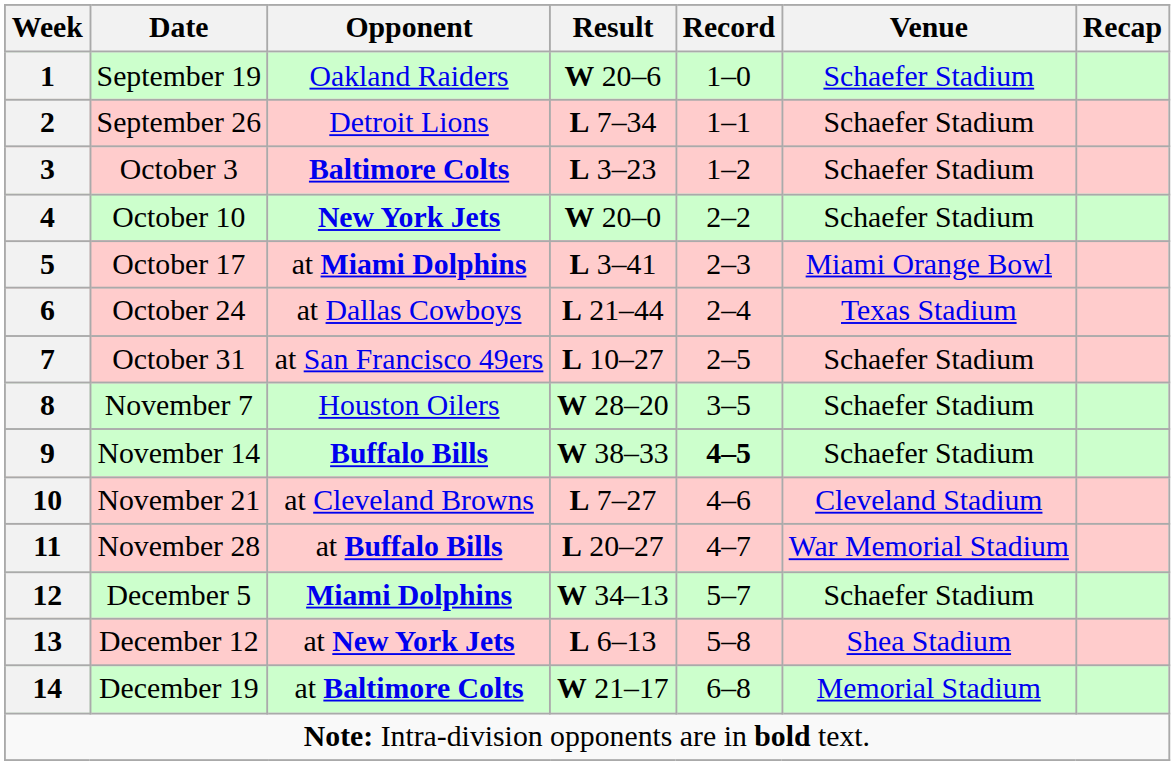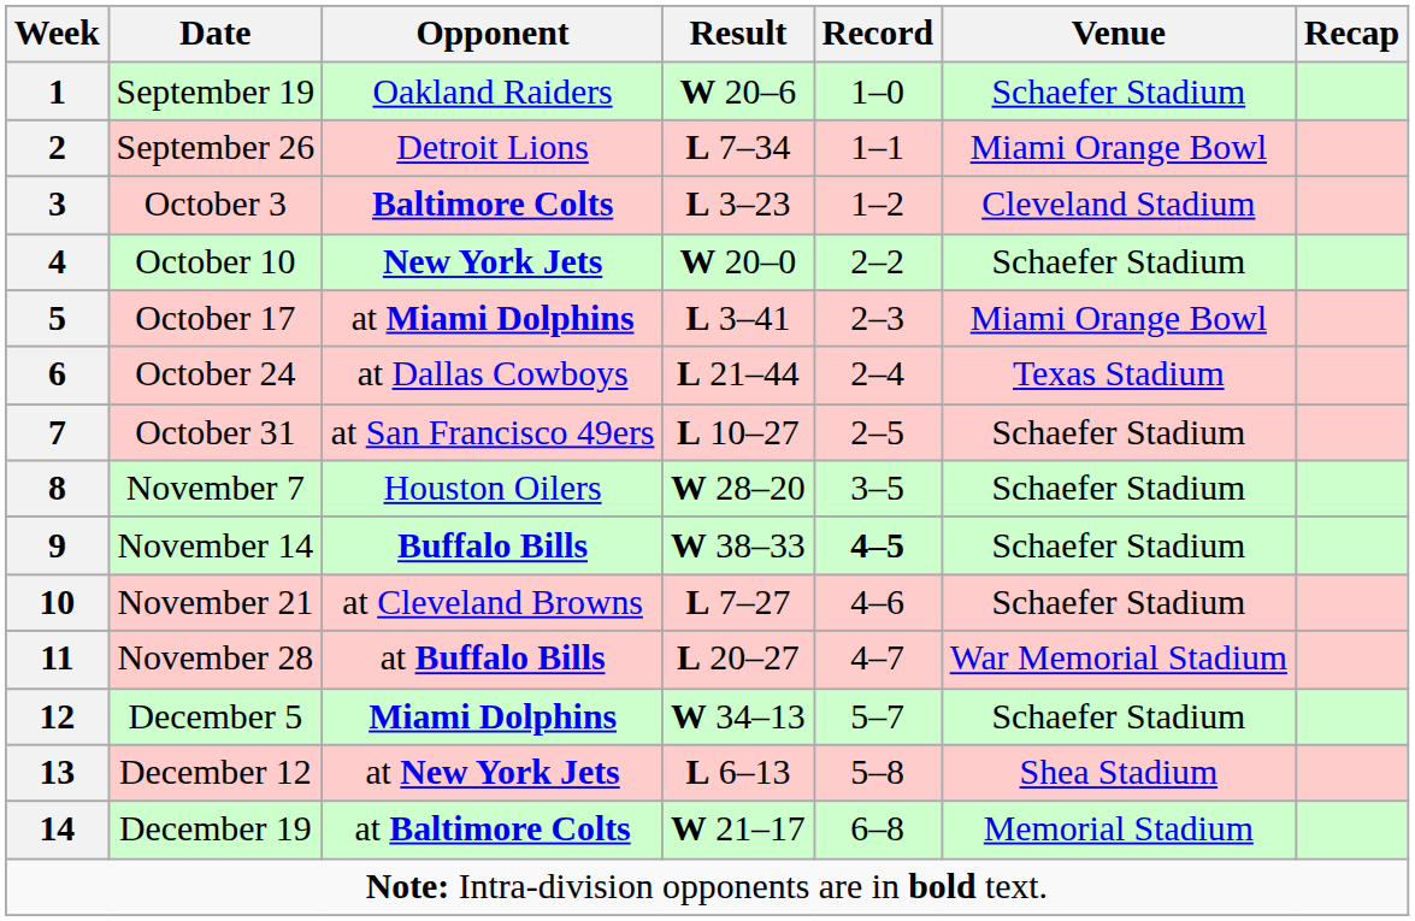 <table class="wikitable" style="text-align:center">
 <tr>
 <th>Week</th>
 <th>Date</th>
 <th>Opponent</th>
 <th>Result</th>
 <th>Record</th>
 <th>Venue</th>
 <th>Recap</th>
 </tr>
 <tr style="background: #cfc">
 <th>1</th>
 <td>September 19</td>
 <td><a href='#'>Oakland Raiders</a></td>
 <td><strong>W</strong> 20–6</td>
 <td>1–0</td>
 <td><a href='#'>Schaefer Stadium</a></td>
 <td></td>
 </tr>
 <tr style="background:#fcc">
 <th>2</th>
 <td>September 26</td>
 <td><a href='#'>Detroit Lions</a></td>
 <td><strong>L</strong>  7–34</td>
 <td>1–1</td>
-<td>Schaefer Stadium</td>
+<td><a href='#'>Miami Orange Bowl</a></td>
 <td></td>
 </tr>
 <tr style="background:#fcc">
 <th>3</th>
 <td>October 3</td>
 <td><strong><a href='#'>Baltimore Colts</a></strong></td>
 <td><strong>L</strong> 3–23</td>
 <td>1–2</td>
-<td>Schaefer Stadium</td>
+<td><a href='#'>Cleveland Stadium</a></td>
 <td></td>
 </tr>
 <tr style="background:#cfc">
 <th>4</th>
 <td>October 10</td>
 <td><strong><a href='#'>New York Jets</a></strong></td>
 <td><strong>W</strong> 20–0</td>
 <td>2–2</td>
 <td>Schaefer Stadium</td>
 <td></td>
 </tr>
 <tr style="background:#fcc">
 <th>5</th>
 <td>October 17</td>
 <td>at <strong><a href='#'>Miami Dolphins</a></strong></td>
 <td><strong>L</strong> 3–41</td>
 <td>2–3</td>
 <td><a href='#'>Miami Orange Bowl</a></td>
 <td></td>
 </tr>
 <tr style="background:#fcc">
 <th>6</th>
 <td>October 24</td>
 <td>at <a href='#'>Dallas Cowboys</a></td>
 <td><strong>L</strong> 21–44</td>
 <td>2–4</td>
 <td><a href='#'>Texas Stadium</a></td>
 <td></td>
 </tr>
 <tr style="background:#fcc">
 <th>7</th>
 <td>October 31</td>
 <td>at <a href='#'>San Francisco 49ers</a></td>
 <td><strong>L</strong> 10–27</td>
 <td>2–5</td>
 <td>Schaefer Stadium</td>
 <td></td>
 </tr>
 <tr style="background:#cfc">
 <th>8</th>
 <td>November 7</td>
 <td><a href='#'>Houston Oilers</a></td>
 <td><strong>W</strong> 28–20</td>
 <td>3–5</td>
 <td>Schaefer Stadium</td>
 <td></td>
 </tr>
 <tr style="background:#cfc">
 <th>9</th>
 <td>November 14</td>
 <td><strong><a href='#'>Buffalo Bills</a></strong></td>
 <td><strong>W</strong> 38–33</td>
 <td><strong>4–5</strong></td>
 <td>Schaefer Stadium</td>
 <td></td>
 </tr>
 <tr style="background:#fcc">
 <th>10</th>
 <td>November 21</td>
 <td>at <a href='#'>Cleveland Browns</a></td>
 <td><strong>L</strong> 7–27</td>
 <td>4–6</td>
-<td><a href='#'>Cleveland Stadium</a></td>
+<td>Schaefer Stadium</td>
 <td></td>
 </tr>
 <tr style="background:#fcc">
 <th>11</th>
 <td>November 28</td>
 <td>at <strong><a href='#'>Buffalo Bills</a></strong></td>
 <td><strong>L</strong> 20–27</td>
 <td>4–7</td>
 <td><a href='#'>War Memorial Stadium</a></td>
 <td></td>
 </tr>
 <tr style="background:#cfc">
 <th>12</th>
 <td>December 5</td>
 <td><strong><a href='#'>Miami Dolphins</a></strong></td>
 <td><strong>W</strong> 34–13</td>
 <td>5–7</td>
 <td>Schaefer Stadium</td>
 <td></td>
 </tr>
 <tr style="background:#fcc">
 <th>13</th>
 <td>December 12</td>
 <td>at <strong><a href='#'>New York Jets</a></strong></td>
 <td><strong>L</strong> 6–13</td>
 <td>5–8</td>
 <td><a href='#'>Shea Stadium</a></td>
 <td></td>
 </tr>
 <tr style="background:#cfc">
 <th>14</th>
 <td>December 19</td>
 <td>at <strong><a href='#'>Baltimore Colts</a></strong></td>
 <td><strong>W</strong> 21–17</td>
 <td>6–8</td>
 <td><a href='#'>Memorial Stadium</a></td>
 <td></td>
 </tr>
 <tr>
 <td colspan="8"><strong>Note:</strong> Intra-division opponents are in <strong>bold</strong> text.</td>
 </tr>
 </table>
